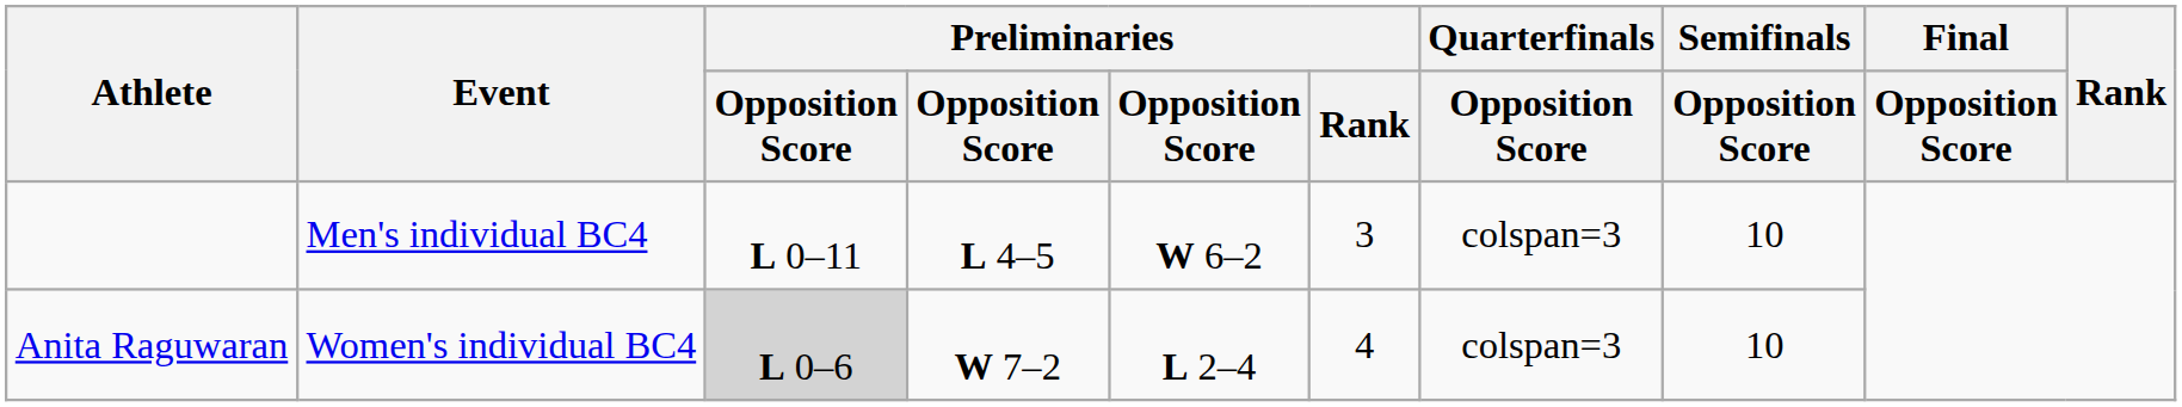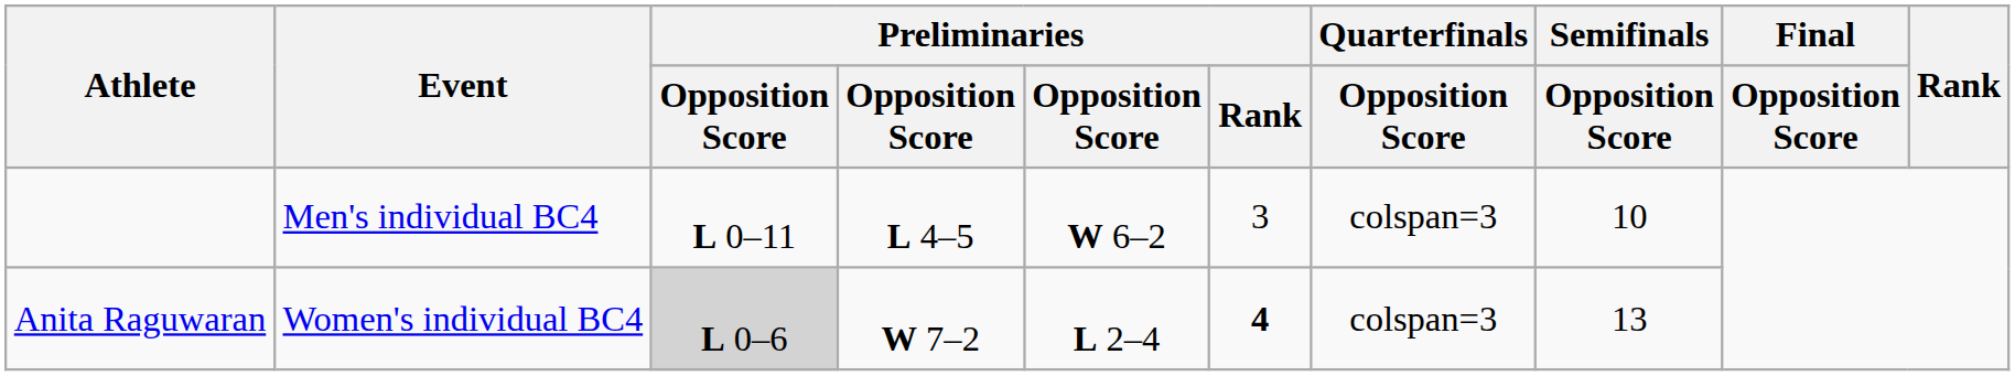 <table class=wikitable style="font-size:90%">
 <tr>
 <th rowspan="2">Athlete</th>
 <th rowspan="2">Event</th>
 <th colspan="4">Preliminaries</th>
 <th>Quarterfinals</th>
 <th>Semifinals</th>
 <th>Final</th>
 <th rowspan=2>Rank</th>
 </tr>
 <tr>
 <th>Opposition<br>Score</th>
 <th>Opposition<br>Score</th>
 <th>Opposition<br>Score</th>
 <th>Rank</th>
 <th>Opposition<br>Score</th>
 <th>Opposition<br>Score</th>
 <th>Opposition<br>Score</th>
 </tr>
 <tr align=center>
 <td align=left></td>
 <td align=left><a href='#'>Men's individual BC4</a></td>
 <td><br><strong>L</strong> 0–11</td>
 <td><br><strong>L</strong> 4–5</td>
 <td><br><strong>W</strong> 6–2</td>
 <td>3</td>
 <td>colspan=3 </td>
 <td>10</td>
 </tr>
 <tr align=center>
 <td align=left><a href='#'>Anita Raguwaran</a></td>
 <td align=left><a href='#'>Women's individual BC4</a></td>
 <td style="background: lightgrey;"><br><strong>L</strong> 0–6</td>
 <td><br><strong>W</strong> 7–2</td>
 <td><br><strong>L</strong> 2–4</td>
-<td>4</td>
+<td><strong>4</strong></td>
 <td>colspan=3 </td>
-<td>10</td>
+<td>13</td>
 </tr>
 </table>
